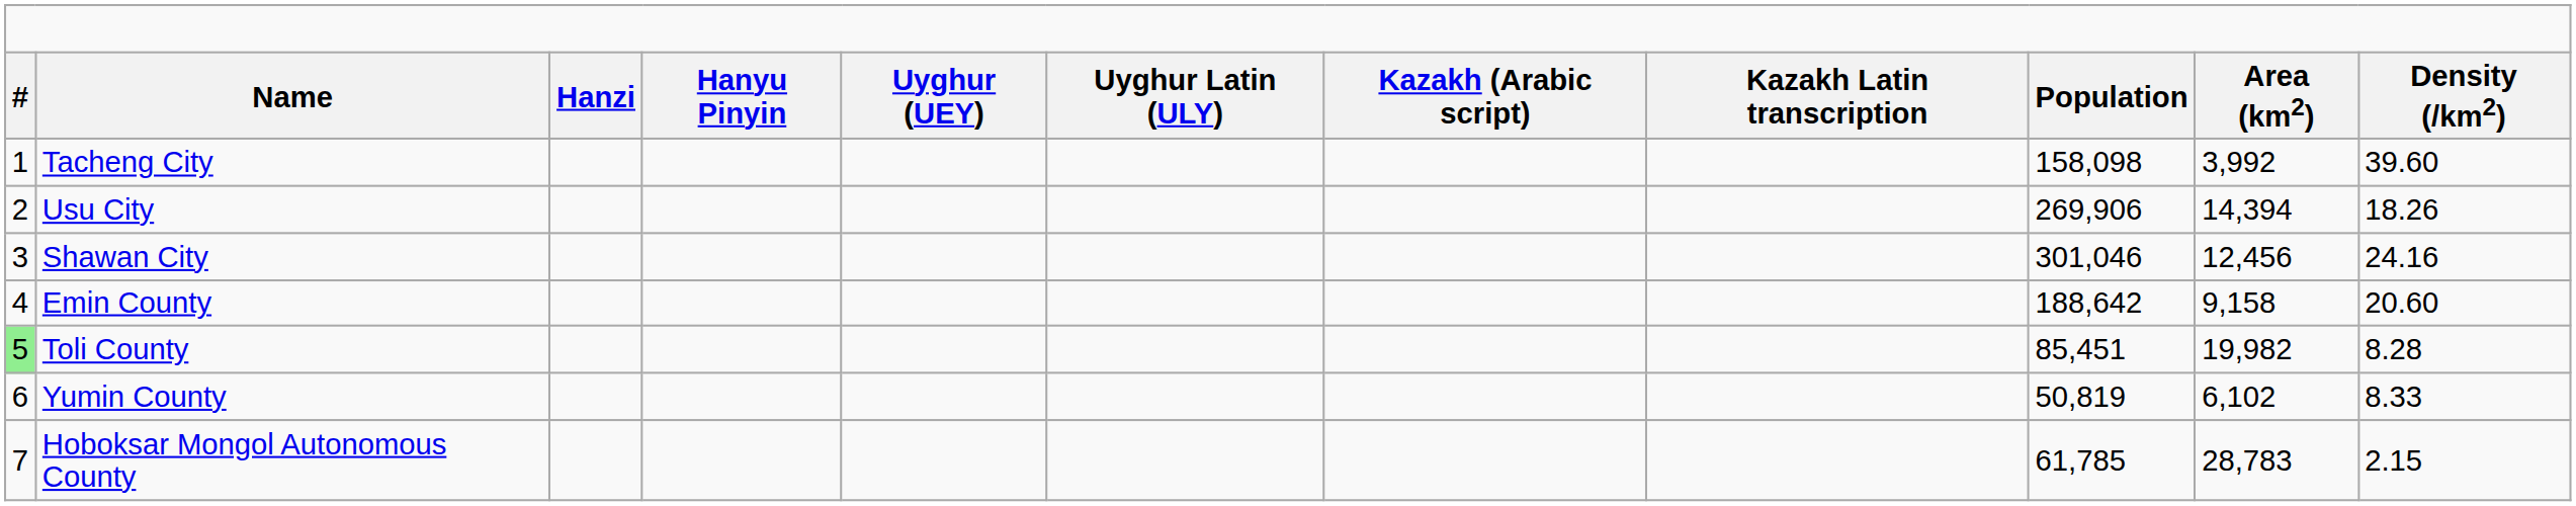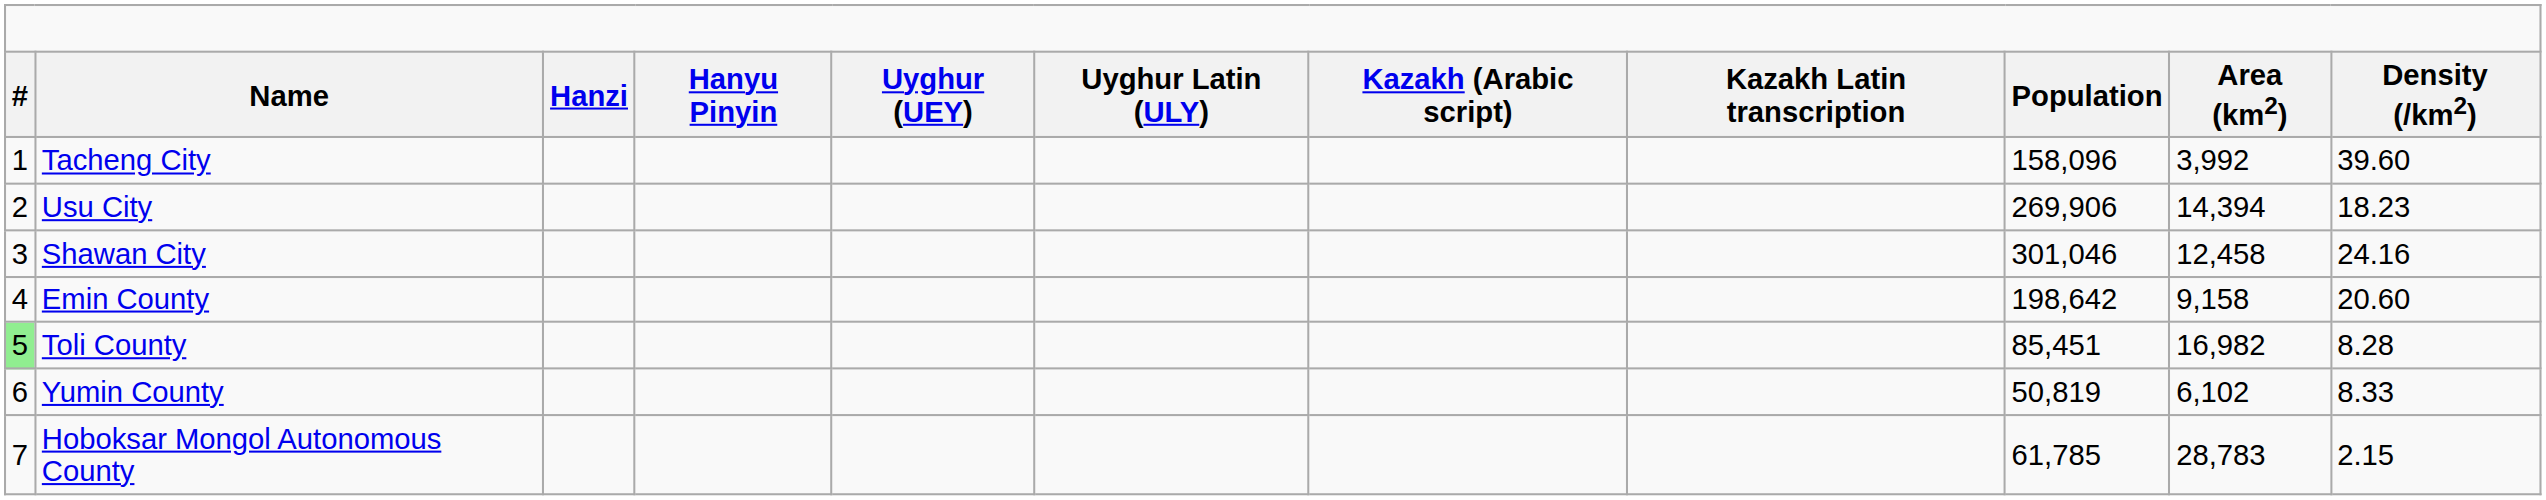 <table class="wikitable"  style="font-size:90%;" align=center>
 <tr>
 <td colspan="11" align="center"><div><br>          </div></td>
 </tr>
 <tr>
 <th>#</th>
 <th>Name</th>
 <th><a href='#'>Hanzi</a></th>
 <th><a href='#'>Hanyu Pinyin</a></th>
 <th><a href='#'>Uyghur</a> (<a href='#'>UEY</a>)</th>
 <th>Uyghur Latin (<a href='#'>ULY</a>)</th>
 <th><a href='#'>Kazakh</a> (Arabic script)</th>
 <th>Kazakh Latin transcription</th>
 <th>Population </th>
 <th>Area (km<sup>2</sup>)</th>
 <th>Density (/km<sup>2</sup>)</th>
 </tr>
 <tr --------->
 <td>1</td>
 <td><a href='#'>Tacheng City</a></td>
 <td></td>
 <td></td>
 <td style="text-align:right"></td>
 <td></td>
 <td style="text-align:right"></td>
 <td></td>
-<td>158,098</td>
+<td>158,096</td>
 <td>3,992</td>
 <td>39.60</td>
 </tr>
 <tr --------->
 <td>2</td>
 <td><a href='#'>Usu City</a></td>
 <td></td>
 <td></td>
 <td style="text-align:right"></td>
 <td></td>
 <td style="text-align:right"></td>
 <td></td>
 <td>269,906</td>
 <td>14,394</td>
-<td>18.26</td>
+<td>18.23</td>
 </tr>
 <tr --------->
 <td>3</td>
 <td><a href='#'>Shawan City</a></td>
 <td></td>
 <td></td>
 <td style="text-align:right"></td>
 <td></td>
 <td style="text-align:right"></td>
 <td></td>
 <td>301,046</td>
-<td>12,456</td>
+<td>12,458</td>
 <td>24.16</td>
 </tr>
 <tr --------->
 <td>4</td>
 <td><a href='#'>Emin County</a></td>
 <td></td>
 <td></td>
 <td style="text-align:right"></td>
 <td></td>
 <td style="text-align:right"></td>
 <td></td>
-<td>188,642</td>
+<td>198,642</td>
 <td>9,158</td>
 <td>20.60</td>
 </tr>
 <tr --------->
 <td style="background: lightgreen;">5</td>
 <td><a href='#'>Toli County</a></td>
 <td></td>
 <td></td>
 <td style="text-align:right"></td>
 <td></td>
 <td style="text-align:right"></td>
 <td></td>
 <td>85,451</td>
-<td>19,982</td>
+<td>16,982</td>
 <td>8.28</td>
 </tr>
 <tr --------->
 <td>6</td>
 <td><a href='#'>Yumin County</a></td>
 <td></td>
 <td></td>
 <td style="text-align:right"></td>
 <td></td>
 <td style="text-align:right"></td>
 <td></td>
 <td>50,819</td>
 <td>6,102</td>
 <td>8.33</td>
 </tr>
 <tr --------->
 <td>7</td>
 <td><a href='#'>Hoboksar Mongol Autonomous County</a></td>
 <td></td>
 <td></td>
 <td style="text-align:right"></td>
 <td></td>
 <td style="text-align:right"></td>
 <td></td>
 <td>61,785</td>
 <td>28,783</td>
 <td>2.15</td>
 </tr>
 </table>
